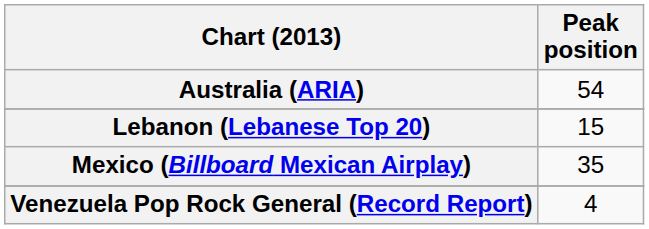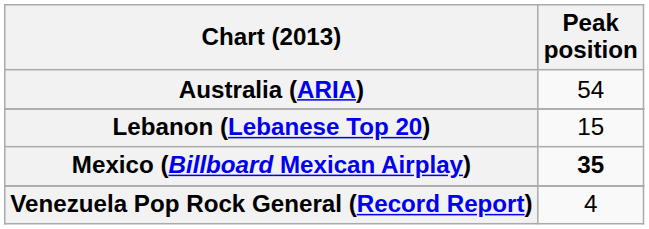 <table class="wikitable sortable plainrowheaders">
 <tr>
 <th scope="col">Chart (2013)</th>
 <th scope="col">Peak<br>position</th>
 </tr>
 <tr>
 <th scope="row">Australia (<a href='#'>ARIA</a>)</th>
 <td style="text-align:center;">54</td>
 </tr>
 <tr>
 </tr>
 <tr>
 </tr>
 <tr>
 </tr>
 <tr>
 </tr>
 <tr>
 <th scope="row">Lebanon (<a href='#'>Lebanese Top 20</a>)</th>
 <td style="text-align:center;">15</td>
 </tr>
 <tr>
 <th scope="row">Mexico (<a href='#'><em>Billboard</em> Mexican Airplay</a>)</th>
-<td style="text-align:center;">35</td>
+<td style="text-align:center;"><strong>35</strong></td>
 </tr>
 <tr>
 </tr>
 <tr>
 </tr>
 <tr>
 </tr>
 <tr>
 </tr>
 <tr>
 </tr>
 <tr>
 </tr>
 <tr>
 </tr>
 <tr>
 <th scope="row">Venezuela Pop Rock General (<a href='#'>Record Report</a>)</th>
 <td style="text-align:center;">4</td>
 </tr>
 </table>
